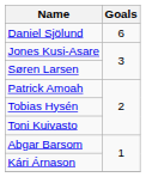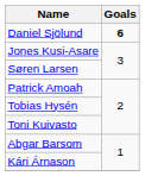 <table class="wikitable">
 <tr>
 <th>Name</th>
 <th>Goals</th>
 </tr>
 <tr>
 <td> <a href='#'>Daniel Sjölund</a></td>
-<td align=center>6</td>
+<td align=center><strong>6</strong></td>
 </tr>
 <tr>
 <td> <a href='#'>Jones Kusi-Asare</a></td>
 <td rowspan="2" style="text-align:center;">3</td>
 </tr>
 <tr>
 <td> <a href='#'>Søren Larsen</a></td>
 </tr>
 <tr>
 <td> <a href='#'>Patrick Amoah</a></td>
 <td rowspan="3" style="text-align:center;">2</td>
 </tr>
 <tr>
 <td> <a href='#'>Tobias Hysén</a></td>
 </tr>
 <tr>
 <td> <a href='#'>Toni Kuivasto</a></td>
 </tr>
 <tr>
 <td> <a href='#'>Abgar Barsom</a></td>
 <td rowspan="2" style="text-align:center;">1</td>
 </tr>
 <tr>
 <td> <a href='#'>Kári Árnason</a></td>
 </tr>
 <tr>
 </tr>
 </table>
